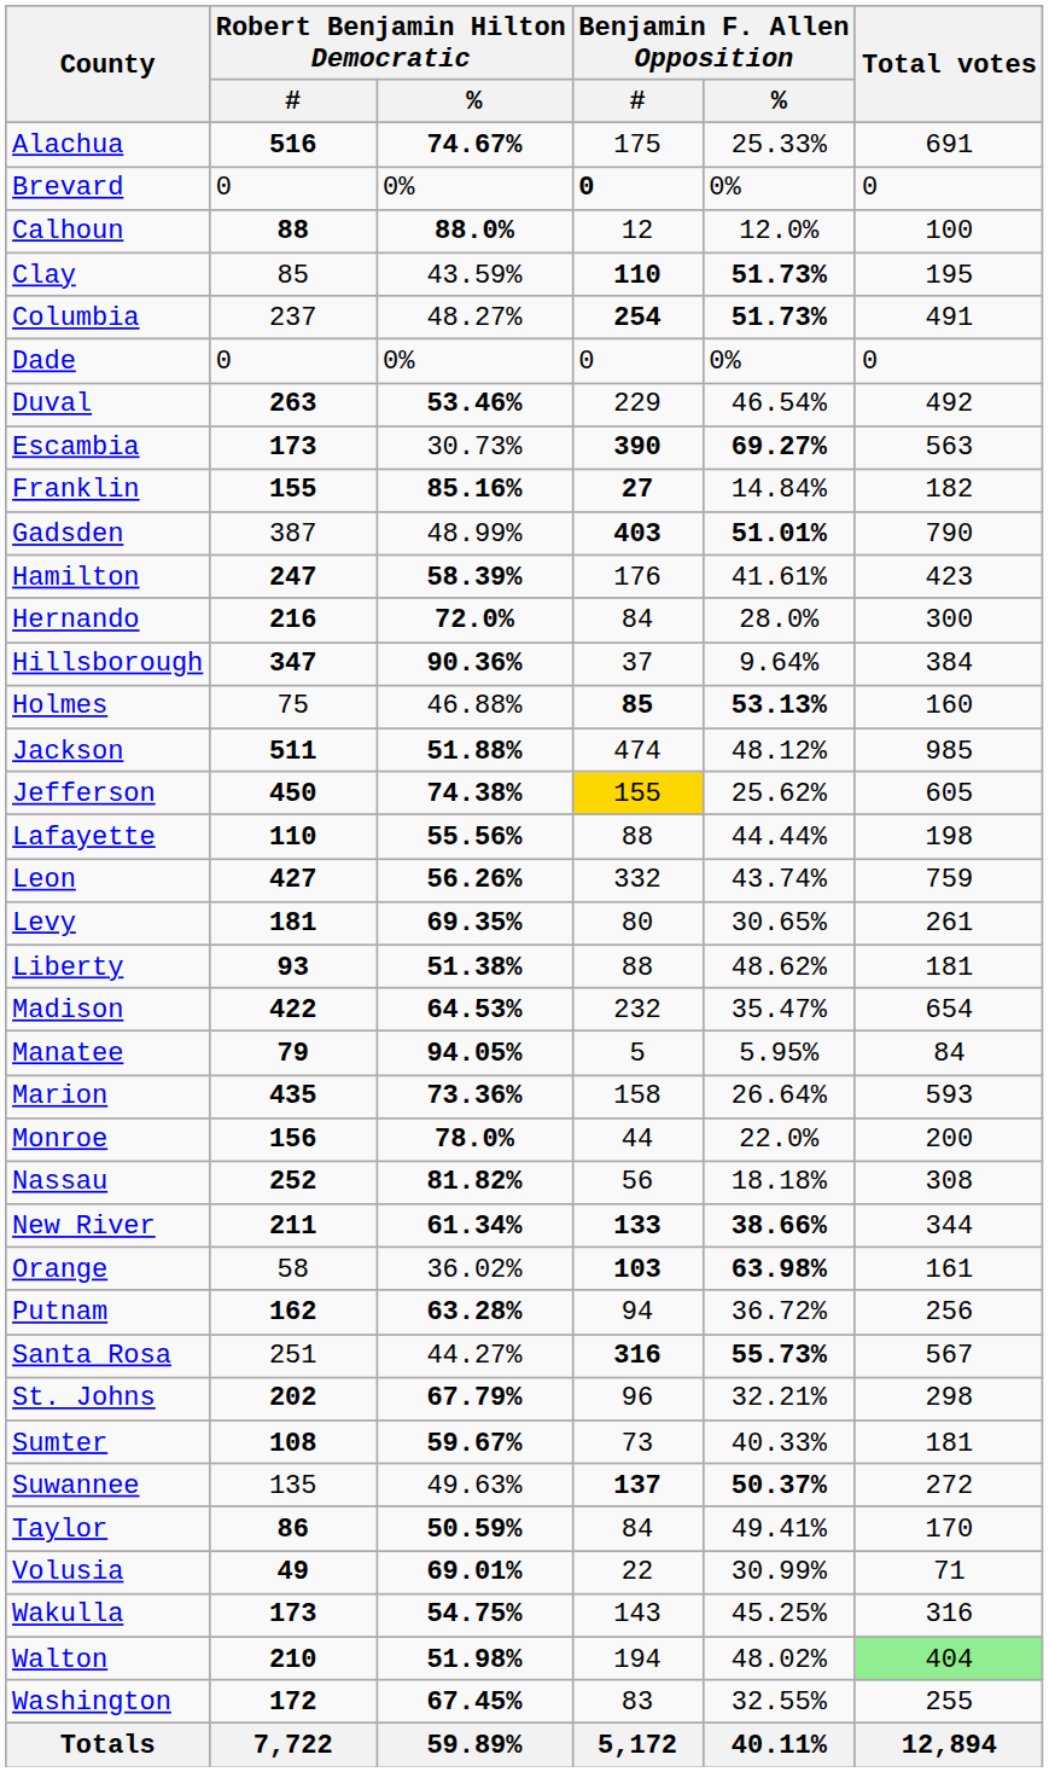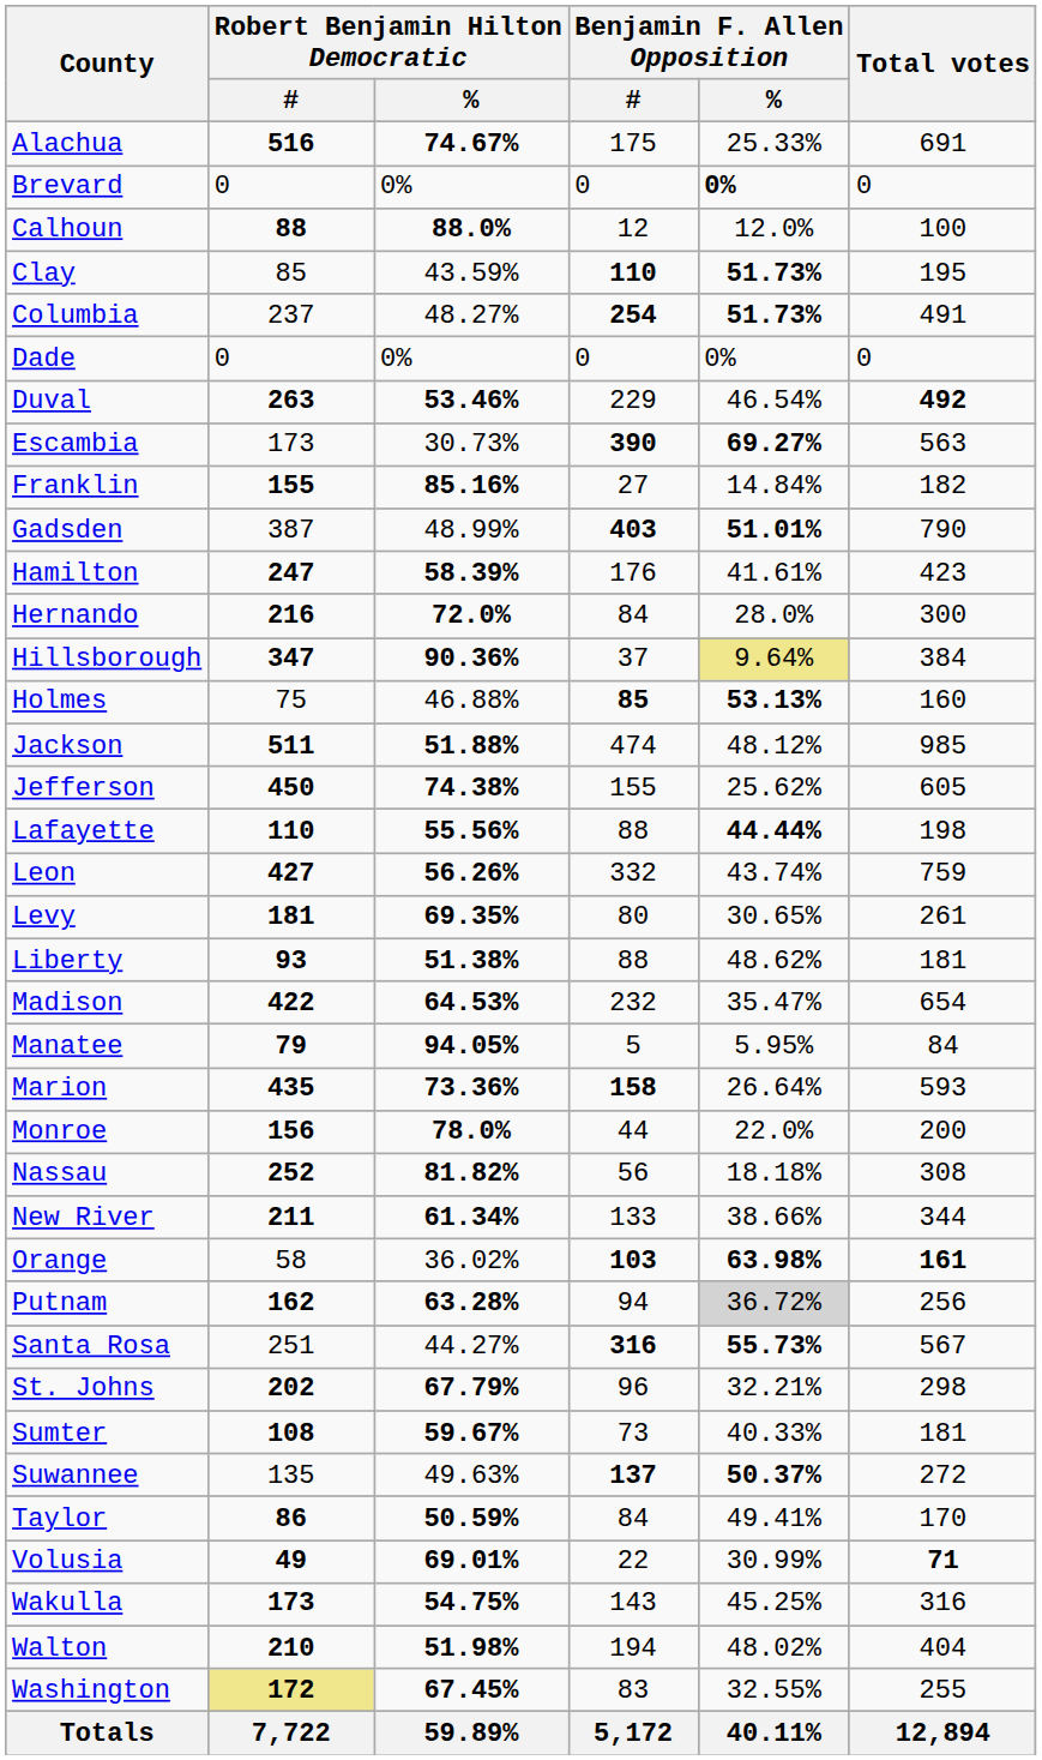 <table class="wikitable sortable">
 <tr>
 <th rowspan="2">County</th>
 <th colspan="2" style="text-align: center;" >Robert Benjamin Hilton <br> <em>Democratic</em></th>
 <th colspan="2" style="text-align: center;" >Benjamin F. Allen <br><em>Opposition</em></th>
 <th rowspan="2">Total votes</th>
 </tr>
 <tr>
 <th colspan="1" style="text-align: center;" >#</th>
 <th colspan="1" style="text-align: center;" >%</th>
 <th colspan="1" style="text-align: center;" >#</th>
 <th colspan="1" style="text-align: center;" >%</th>
 </tr>
 <tr>
 <td><a href='#'>Alachua</a></td>
 <td align="center"><strong>516</strong></td>
 <td align="center"><strong>74.67%</strong></td>
 <td align="center">175</td>
 <td align="center">25.33%</td>
 <td align="center">691</td>
 </tr>
 <tr>
 <td><a href='#'>Brevard</a></td>
 <td>0</td>
 <td>0%</td>
-<td><strong>0</strong></td>
-<td>0%</td>
+<td>0</td>
+<td><strong>0%</strong></td>
 <td>0</td>
 </tr>
 <tr>
 <td><a href='#'>Calhoun</a></td>
 <td align="center"><strong>88</strong></td>
 <td align="center"><strong>88.0%</strong></td>
 <td align="center">12</td>
 <td align="center">12.0%</td>
 <td align="center">100</td>
 </tr>
 <tr>
 <td><a href='#'>Clay</a></td>
 <td align="center">85</td>
 <td align="center">43.59%</td>
 <td align="center"><strong>110</strong></td>
 <td align="center"><strong>51.73%</strong></td>
 <td align="center">195</td>
 </tr>
 <tr>
 <td><a href='#'>Columbia</a></td>
 <td align="center">237</td>
 <td align="center">48.27%</td>
 <td align="center"><strong>254</strong></td>
 <td align="center"><strong>51.73%</strong></td>
 <td align="center">491</td>
 </tr>
 <tr>
 <td><a href='#'>Dade</a></td>
 <td>0</td>
 <td>0%</td>
 <td>0</td>
 <td>0%</td>
 <td>0</td>
 </tr>
 <tr>
 <td><a href='#'>Duval</a></td>
 <td align="center"><strong>263</strong></td>
 <td align="center"><strong>53.46%</strong></td>
 <td align="center">229</td>
 <td align="center">46.54%</td>
-<td align="center">492</td>
+<td align="center"><strong>492</strong></td>
 </tr>
 <tr>
 <td><a href='#'>Escambia</a></td>
-<td align="center"><strong>173</strong></td>
+<td align="center">173</td>
 <td align="center">30.73%</td>
 <td align="center"><strong>390</strong></td>
 <td align="center"><strong>69.27%</strong></td>
 <td align="center">563</td>
 </tr>
 <tr>
 <td><a href='#'>Franklin</a></td>
 <td align="center"><strong>155</strong></td>
 <td align="center"><strong>85.16%</strong></td>
-<td align="center"><strong>27</strong></td>
+<td align="center">27</td>
 <td align="center">14.84%</td>
 <td align="center">182</td>
 </tr>
 <tr>
 <td><a href='#'>Gadsden</a></td>
 <td align="center">387</td>
 <td align="center">48.99%</td>
 <td align="center"><strong>403</strong></td>
 <td align="center"><strong>51.01%</strong></td>
 <td align="center">790</td>
 </tr>
 <tr>
 <td><a href='#'>Hamilton</a></td>
 <td align="center"><strong>247</strong></td>
 <td align="center"><strong>58.39%</strong></td>
 <td align="center">176</td>
 <td align="center">41.61%</td>
 <td align="center">423</td>
 </tr>
 <tr>
 <td><a href='#'>Hernando</a></td>
 <td align="center"><strong>216</strong></td>
 <td align="center"><strong>72.0%</strong></td>
 <td align="center">84</td>
 <td align="center">28.0%</td>
 <td align="center">300</td>
 </tr>
 <tr>
 <td><a href='#'>Hillsborough</a></td>
 <td align="center"><strong>347</strong></td>
 <td align="center"><strong>90.36%</strong></td>
 <td align="center">37</td>
-<td align="center">9.64%</td>
+<td align="center" style="background: khaki;">9.64%</td>
 <td align="center">384</td>
 </tr>
 <tr>
 <td><a href='#'>Holmes</a></td>
 <td align="center">75</td>
 <td align="center">46.88%</td>
 <td align="center"><strong>85</strong></td>
 <td align="center"><strong>53.13%</strong></td>
 <td align="center">160</td>
 </tr>
 <tr>
 <td><a href='#'>Jackson</a></td>
 <td align="center"><strong>511</strong></td>
 <td align="center"><strong>51.88%</strong></td>
 <td align="center">474</td>
 <td align="center">48.12%</td>
 <td align="center">985</td>
 </tr>
 <tr>
 <td><a href='#'>Jefferson</a></td>
 <td align="center"><strong>450</strong></td>
 <td align="center"><strong>74.38%</strong></td>
-<td align="center" style="background: gold;">155</td>
+<td align="center">155</td>
 <td align="center">25.62%</td>
 <td align="center">605</td>
 </tr>
 <tr>
 <td><a href='#'>Lafayette</a></td>
 <td align="center"><strong>110</strong></td>
 <td align="center"><strong>55.56%</strong></td>
 <td align="center">88</td>
-<td align="center">44.44%</td>
+<td align="center"><strong>44.44%</strong></td>
 <td align="center">198</td>
 </tr>
 <tr>
 <td><a href='#'>Leon</a></td>
 <td align="center"><strong>427</strong></td>
 <td align="center"><strong>56.26%</strong></td>
 <td align="center">332</td>
 <td align="center">43.74%</td>
 <td align="center">759</td>
 </tr>
 <tr>
 <td><a href='#'>Levy</a></td>
 <td align="center"><strong>181</strong></td>
 <td align="center"><strong>69.35%</strong></td>
 <td align="center">80</td>
 <td align="center">30.65%</td>
 <td align="center">261</td>
 </tr>
 <tr>
 <td><a href='#'>Liberty</a></td>
 <td align="center"><strong>93</strong></td>
 <td align="center"><strong>51.38%</strong></td>
 <td align="center">88</td>
 <td align="center">48.62%</td>
 <td align="center">181</td>
 </tr>
 <tr>
 <td><a href='#'>Madison</a></td>
 <td align="center"><strong>422</strong></td>
 <td align="center"><strong>64.53%</strong></td>
 <td align="center">232</td>
 <td align="center">35.47%</td>
 <td align="center">654</td>
 </tr>
 <tr>
 <td><a href='#'>Manatee</a></td>
 <td align="center"><strong>79</strong></td>
 <td align="center"><strong>94.05%</strong></td>
 <td align="center">5</td>
 <td align="center">5.95%</td>
 <td align="center">84</td>
 </tr>
 <tr>
 <td><a href='#'>Marion</a></td>
 <td align="center"><strong>435</strong></td>
 <td align="center"><strong>73.36%</strong></td>
-<td align="center">158</td>
+<td align="center"><strong>158</strong></td>
 <td align="center">26.64%</td>
 <td align="center">593</td>
 </tr>
 <tr>
 <td><a href='#'>Monroe</a></td>
 <td align="center"><strong>156</strong></td>
 <td align="center"><strong>78.0%</strong></td>
 <td align="center">44</td>
 <td align="center">22.0%</td>
 <td align="center">200</td>
 </tr>
 <tr>
 <td><a href='#'>Nassau</a></td>
 <td align="center"><strong>252</strong></td>
 <td align="center"><strong>81.82%</strong></td>
 <td align="center">56</td>
 <td align="center">18.18%</td>
 <td align="center">308</td>
 </tr>
 <tr>
 <td><a href='#'>New River</a></td>
 <td align="center"><strong>211</strong></td>
 <td align="center"><strong>61.34%</strong></td>
-<td align="center"><strong>133</strong></td>
-<td align="center"><strong>38.66%</strong></td>
+<td align="center">133</td>
+<td align="center">38.66%</td>
 <td align="center">344</td>
 </tr>
 <tr>
 <td><a href='#'>Orange</a></td>
 <td align="center">58</td>
 <td align="center">36.02%</td>
 <td align="center"><strong>103</strong></td>
 <td align="center"><strong>63.98%</strong></td>
-<td align="center">161</td>
+<td align="center"><strong>161</strong></td>
 </tr>
 <tr>
 <td><a href='#'>Putnam</a></td>
 <td align="center"><strong>162</strong></td>
 <td align="center"><strong>63.28%</strong></td>
 <td align="center">94</td>
-<td align="center">36.72%</td>
+<td align="center" style="background: lightgrey;">36.72%</td>
 <td align="center">256</td>
 </tr>
 <tr>
 <td><a href='#'>Santa Rosa</a></td>
 <td align="center">251</td>
 <td align="center">44.27%</td>
 <td align="center"><strong>316</strong></td>
 <td align="center"><strong>55.73%</strong></td>
 <td align="center">567</td>
 </tr>
 <tr>
 <td><a href='#'>St. Johns</a></td>
 <td align="center"><strong>202</strong></td>
 <td align="center"><strong>67.79%</strong></td>
 <td align="center">96</td>
 <td align="center">32.21%</td>
 <td align="center">298</td>
 </tr>
 <tr>
 <td><a href='#'>Sumter</a></td>
 <td align="center"><strong>108</strong></td>
 <td align="center"><strong>59.67%</strong></td>
 <td align="center">73</td>
 <td align="center">40.33%</td>
 <td align="center">181</td>
 </tr>
 <tr>
 <td><a href='#'>Suwannee</a></td>
 <td align="center">135</td>
 <td align="center">49.63%</td>
 <td align="center"><strong>137</strong></td>
 <td align="center"><strong>50.37%</strong></td>
 <td align="center">272</td>
 </tr>
 <tr>
 <td><a href='#'>Taylor</a></td>
 <td align="center"><strong>86</strong></td>
 <td align="center"><strong>50.59%</strong></td>
 <td align="center">84</td>
 <td align="center">49.41%</td>
 <td align="center">170</td>
 </tr>
 <tr>
 <td><a href='#'>Volusia</a></td>
 <td align="center"><strong>49</strong></td>
 <td align="center"><strong>69.01%</strong></td>
 <td align="center">22</td>
 <td align="center">30.99%</td>
-<td align="center">71</td>
+<td align="center"><strong>71</strong></td>
 </tr>
 <tr>
 <td><a href='#'>Wakulla</a></td>
 <td align="center"><strong>173</strong></td>
 <td align="center"><strong>54.75%</strong></td>
 <td align="center">143</td>
 <td align="center">45.25%</td>
 <td align="center">316</td>
 </tr>
 <tr>
 <td><a href='#'>Walton</a></td>
 <td align="center"><strong>210</strong></td>
 <td align="center"><strong>51.98%</strong></td>
 <td align="center">194</td>
 <td align="center">48.02%</td>
-<td align="center" style="background: lightgreen;">404</td>
+<td align="center">404</td>
 </tr>
 <tr>
 <td><a href='#'>Washington</a></td>
-<td align="center"><strong>172</strong></td>
+<td align="center" style="background: khaki;"><strong>172</strong></td>
 <td align="center"><strong>67.45%</strong></td>
 <td align="center">83</td>
 <td align="center">32.55%</td>
 <td align="center">255</td>
 </tr>
 <tr>
 <th>Totals</th>
 <th><strong>7,722</strong></th>
 <th><strong>59.89%</strong></th>
 <th><strong>5,172</strong></th>
 <th><strong>40.11%</strong></th>
 <th>12,894</th>
 </tr>
 </table>
